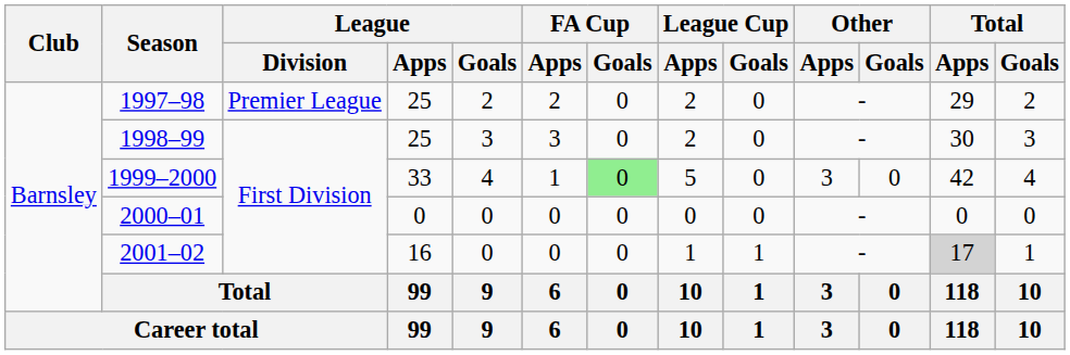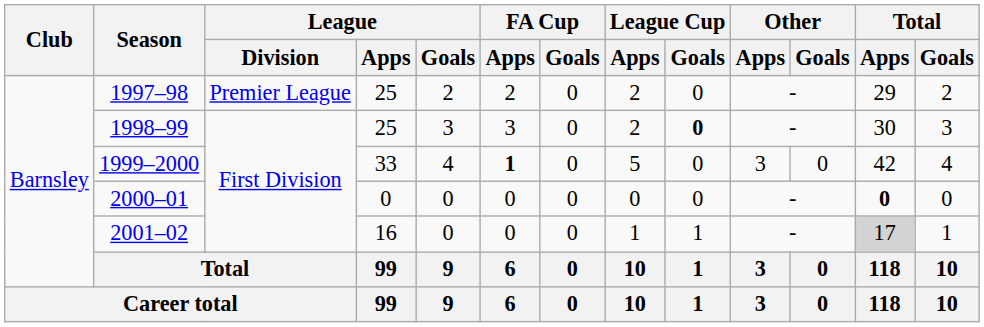 <table class="wikitable" style="text-align: center;">
 <tr>
 <th rowspan="2">Club</th>
 <th rowspan="2">Season</th>
 <th colspan="3">League</th>
 <th colspan="2">FA Cup</th>
 <th colspan="2">League Cup</th>
 <th colspan="2">Other</th>
 <th colspan="2">Total</th>
 </tr>
 <tr>
 <th>Division</th>
 <th>Apps</th>
 <th>Goals</th>
 <th>Apps</th>
 <th>Goals</th>
 <th>Apps</th>
 <th>Goals</th>
 <th>Apps</th>
 <th>Goals</th>
 <th>Apps</th>
 <th>Goals</th>
 </tr>
 <tr>
 <td rowspan="6" valign="center"><a href='#'>Barnsley</a></td>
 <td><a href='#'>1997–98</a></td>
 <td><a href='#'>Premier League</a></td>
 <td>25</td>
 <td>2</td>
 <td>2</td>
 <td>0</td>
 <td>2</td>
 <td>0</td>
 <td colspan="2">-</td>
 <td>29</td>
 <td>2</td>
 </tr>
 <tr>
 <td><a href='#'>1998–99</a></td>
 <td rowspan="4" valign="center"><a href='#'>First Division</a></td>
 <td>25</td>
 <td>3</td>
 <td>3</td>
 <td>0</td>
 <td>2</td>
-<td>0</td>
+<td><strong>0</strong></td>
 <td colspan="2">-</td>
 <td>30</td>
 <td>3</td>
 </tr>
 <tr>
 <td><a href='#'>1999–2000</a></td>
 <td>33</td>
 <td>4</td>
-<td>1</td>
-<td style="background: lightgreen;">0</td>
+<td><strong>1</strong></td>
+<td>0</td>
 <td>5</td>
 <td>0</td>
 <td>3</td>
 <td>0</td>
 <td>42</td>
 <td>4</td>
 </tr>
 <tr>
 <td><a href='#'>2000–01</a></td>
 <td>0</td>
 <td>0</td>
 <td>0</td>
 <td>0</td>
 <td>0</td>
 <td>0</td>
 <td colspan="2">-</td>
-<td>0</td>
+<td><strong>0</strong></td>
 <td>0</td>
 </tr>
 <tr>
 <td><a href='#'>2001–02</a></td>
 <td>16</td>
 <td>0</td>
 <td>0</td>
 <td>0</td>
 <td>1</td>
 <td>1</td>
 <td colspan="2">-</td>
 <td style="background: lightgrey;">17</td>
 <td>1</td>
 </tr>
 <tr>
 <th colspan="2">Total</th>
 <th>99</th>
 <th>9</th>
 <th>6</th>
 <th>0</th>
 <th>10</th>
 <th>1</th>
 <th>3</th>
 <th>0</th>
 <th>118</th>
 <th>10</th>
 </tr>
 <tr>
 <th colspan="3">Career total</th>
 <th>99</th>
 <th>9</th>
 <th>6</th>
 <th>0</th>
 <th>10</th>
 <th>1</th>
 <th>3</th>
 <th>0</th>
 <th>118</th>
 <th>10</th>
 </tr>
 </table>
